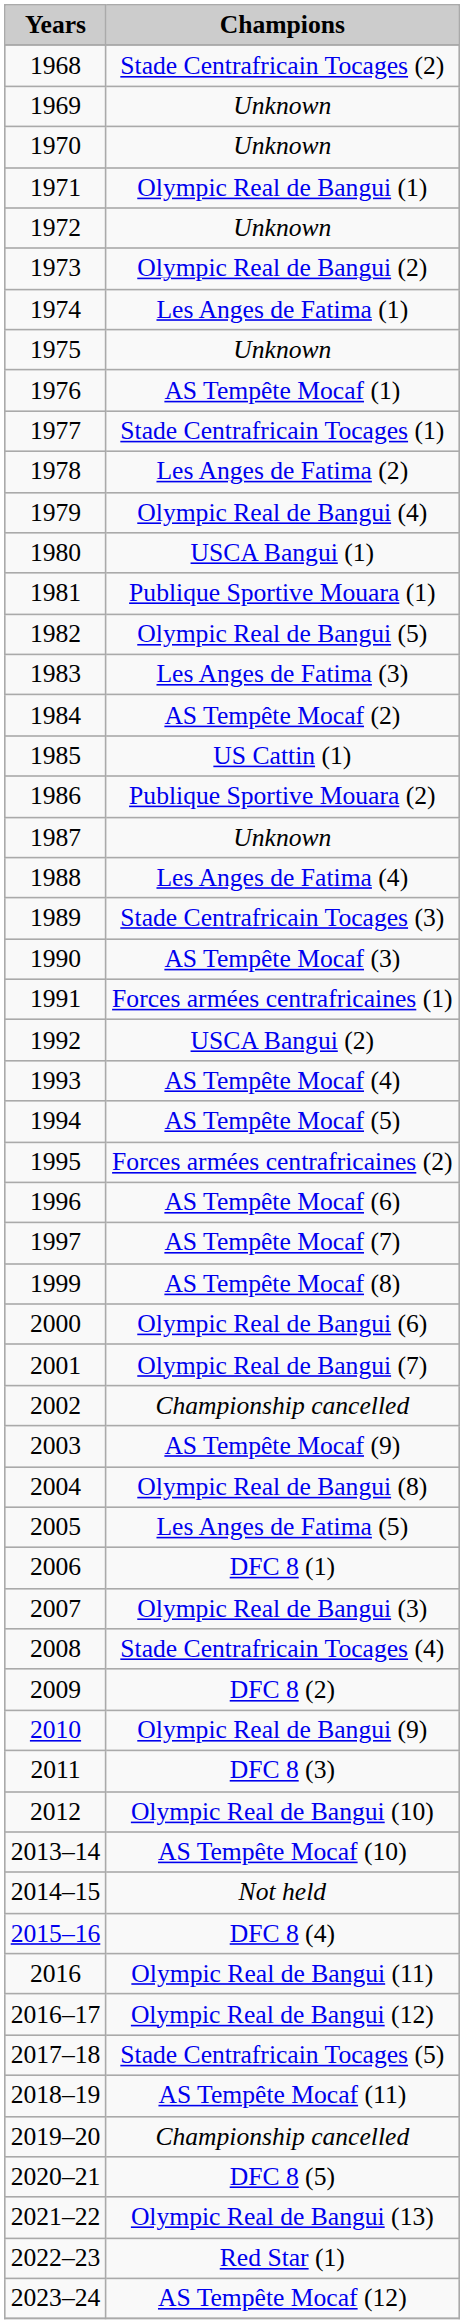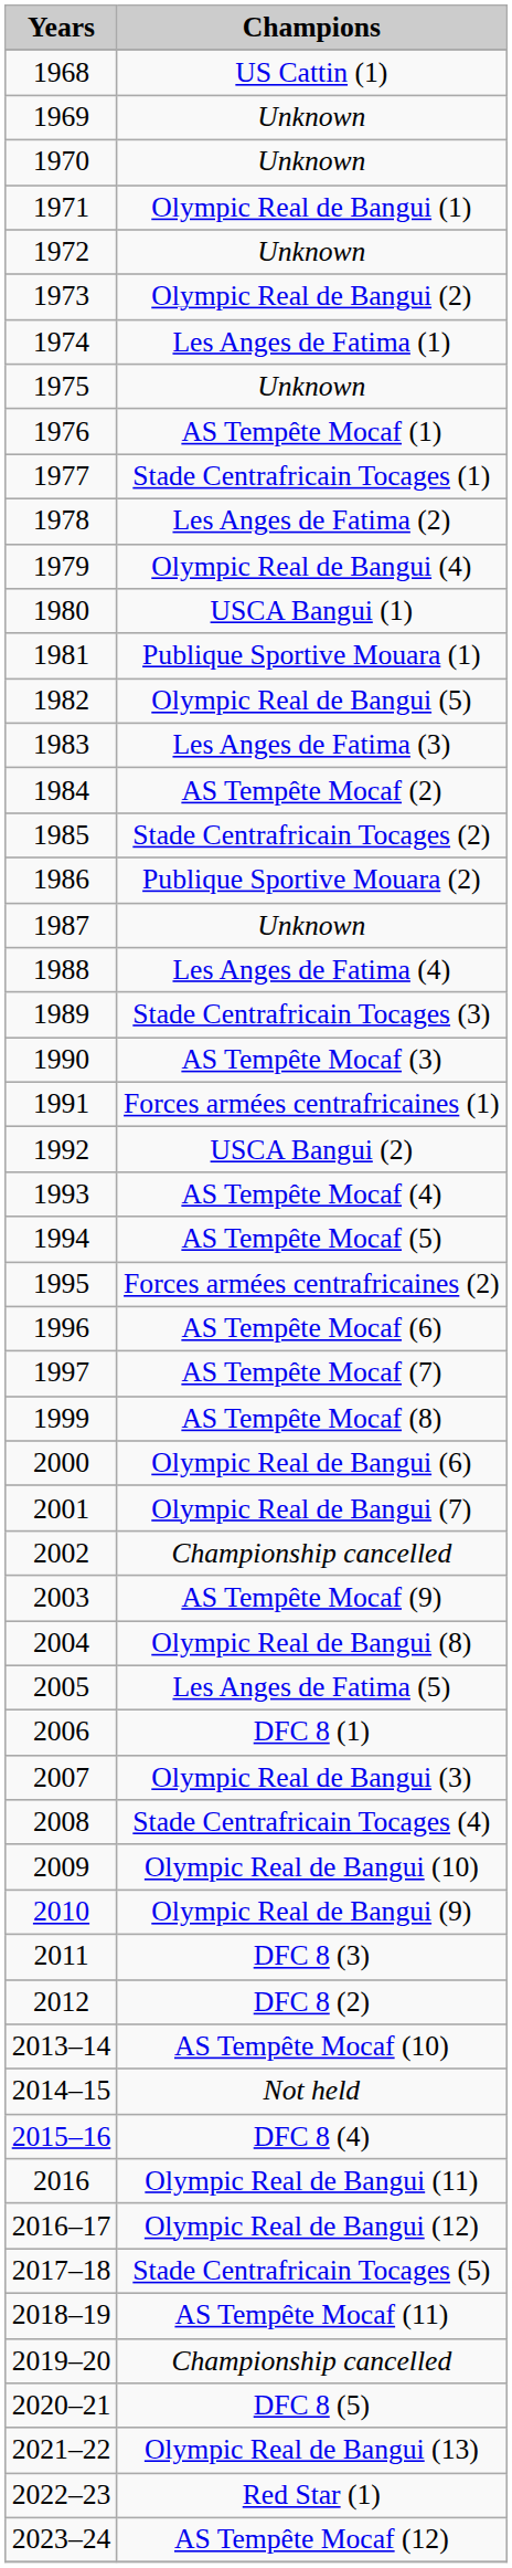 <table class="wikitable" style="text-align: center;">
 <tr bgcolor="#CCCCCC">
 <td><strong>Years</strong></td>
 <td><strong>Champions</strong></td>
 </tr>
 <tr bgcolor="#EFEFEF">
 </tr>
 <tr>
 <td>1968</td>
-<td><a href='#'>Stade Centrafricain Tocages</a> (2)</td>
+<td><a href='#'>US Cattin</a> (1)</td>
 </tr>
 <tr>
 <td>1969</td>
 <td><em>Unknown</em></td>
 </tr>
 <tr>
 <td>1970</td>
 <td><em>Unknown</em></td>
 </tr>
 <tr>
 <td>1971</td>
 <td><a href='#'>Olympic Real de Bangui</a> (1)</td>
 </tr>
 <tr>
 <td>1972</td>
 <td><em>Unknown</em></td>
 </tr>
 <tr>
 <td>1973</td>
 <td><a href='#'>Olympic Real de Bangui</a> (2)</td>
 </tr>
 <tr>
 <td>1974</td>
 <td><a href='#'>Les Anges de Fatima</a> (1)</td>
 </tr>
 <tr>
 <td>1975</td>
 <td><em>Unknown</em></td>
 </tr>
 <tr>
 <td>1976</td>
 <td><a href='#'>AS Tempête Mocaf</a> (1)</td>
 </tr>
 <tr>
 <td>1977</td>
 <td><a href='#'>Stade Centrafricain Tocages</a> (1)</td>
 </tr>
 <tr>
 <td>1978</td>
 <td><a href='#'>Les Anges de Fatima</a> (2)</td>
 </tr>
 <tr>
 <td>1979</td>
 <td><a href='#'>Olympic Real de Bangui</a> (4)</td>
 </tr>
 <tr>
 <td>1980</td>
 <td><a href='#'>USCA Bangui</a> (1)</td>
 </tr>
 <tr>
 <td>1981</td>
 <td><a href='#'>Publique Sportive Mouara</a> (1)</td>
 </tr>
 <tr>
 <td>1982</td>
 <td><a href='#'>Olympic Real de Bangui</a> (5)</td>
 </tr>
 <tr>
 <td>1983</td>
 <td><a href='#'>Les Anges de Fatima</a> (3)</td>
 </tr>
 <tr>
 <td>1984</td>
 <td><a href='#'>AS Tempête Mocaf</a> (2)</td>
 </tr>
 <tr>
 <td>1985</td>
-<td><a href='#'>US Cattin</a> (1)</td>
+<td><a href='#'>Stade Centrafricain Tocages</a> (2)</td>
 </tr>
 <tr>
 <td>1986</td>
 <td><a href='#'>Publique Sportive Mouara</a> (2)</td>
 </tr>
 <tr>
 <td>1987</td>
 <td><em>Unknown</em></td>
 </tr>
 <tr>
 <td>1988</td>
 <td><a href='#'>Les Anges de Fatima</a> (4)</td>
 </tr>
 <tr>
 <td>1989</td>
 <td><a href='#'>Stade Centrafricain Tocages</a> (3)</td>
 </tr>
 <tr>
 <td>1990</td>
 <td><a href='#'>AS Tempête Mocaf</a> (3)</td>
 </tr>
 <tr>
 <td>1991</td>
 <td><a href='#'>Forces armées centrafricaines</a> (1)</td>
 </tr>
 <tr>
 <td>1992</td>
 <td><a href='#'>USCA Bangui</a> (2)</td>
 </tr>
 <tr>
 <td>1993</td>
 <td><a href='#'>AS Tempête Mocaf</a> (4)</td>
 </tr>
 <tr>
 <td>1994</td>
 <td><a href='#'>AS Tempête Mocaf</a> (5)</td>
 </tr>
 <tr>
 <td>1995</td>
 <td><a href='#'>Forces armées centrafricaines</a> (2)</td>
 </tr>
 <tr>
 <td>1996</td>
 <td><a href='#'>AS Tempête Mocaf</a> (6)</td>
 </tr>
 <tr>
 <td>1997</td>
 <td><a href='#'>AS Tempête Mocaf</a> (7)</td>
 </tr>
 <tr>
 <td>1999</td>
 <td><a href='#'>AS Tempête Mocaf</a> (8)</td>
 </tr>
 <tr>
 <td>2000</td>
 <td><a href='#'>Olympic Real de Bangui</a> (6)</td>
 </tr>
 <tr>
 <td>2001</td>
 <td><a href='#'>Olympic Real de Bangui</a> (7)</td>
 </tr>
 <tr>
 <td>2002</td>
 <td><em>Championship cancelled</em></td>
 </tr>
 <tr>
 <td>2003</td>
 <td><a href='#'>AS Tempête Mocaf</a> (9)</td>
 </tr>
 <tr>
 <td>2004</td>
 <td><a href='#'>Olympic Real de Bangui</a> (8)</td>
 </tr>
 <tr>
 <td>2005</td>
 <td><a href='#'>Les Anges de Fatima</a> (5)</td>
 </tr>
 <tr>
 <td>2006</td>
 <td><a href='#'>DFC 8</a> (1)</td>
 </tr>
 <tr>
 <td>2007</td>
 <td><a href='#'>Olympic Real de Bangui</a> (3)</td>
 </tr>
 <tr>
 <td>2008</td>
 <td><a href='#'>Stade Centrafricain Tocages</a> (4)</td>
 </tr>
 <tr>
 <td>2009</td>
-<td><a href='#'>DFC 8</a> (2)</td>
+<td><a href='#'>Olympic Real de Bangui</a> (10)</td>
 </tr>
 <tr>
 <td><a href='#'>2010</a></td>
 <td><a href='#'>Olympic Real de Bangui</a> (9)</td>
 </tr>
 <tr>
 <td>2011</td>
 <td><a href='#'>DFC 8</a> (3)</td>
 </tr>
 <tr>
 <td>2012</td>
-<td><a href='#'>Olympic Real de Bangui</a> (10)</td>
+<td><a href='#'>DFC 8</a> (2)</td>
 </tr>
 <tr>
 <td>2013–14</td>
 <td><a href='#'>AS Tempête Mocaf</a> (10)</td>
 </tr>
 <tr>
 <td>2014–15</td>
 <td><em>Not held</em></td>
 </tr>
 <tr>
 <td><a href='#'>2015–16</a></td>
 <td><a href='#'>DFC 8</a> (4)</td>
 </tr>
 <tr>
 <td>2016</td>
 <td><a href='#'>Olympic Real de Bangui</a> (11)</td>
 </tr>
 <tr>
 <td>2016–17</td>
 <td><a href='#'>Olympic Real de Bangui</a>  (12)</td>
 </tr>
 <tr>
 <td>2017–18</td>
 <td><a href='#'>Stade Centrafricain Tocages</a> (5)</td>
 </tr>
 <tr>
 <td>2018–19</td>
 <td><a href='#'>AS Tempête Mocaf</a> (11)</td>
 </tr>
 <tr>
 <td>2019–20</td>
 <td><em>Championship cancelled</em></td>
 </tr>
 <tr>
 <td>2020–21</td>
 <td><a href='#'>DFC 8</a> (5)</td>
 </tr>
 <tr>
 <td>2021–22</td>
 <td><a href='#'>Olympic Real de Bangui</a> (13)</td>
 </tr>
 <tr>
 <td>2022–23</td>
 <td><a href='#'>Red Star</a> (1)</td>
 </tr>
 <tr>
 <td>2023–24</td>
 <td><a href='#'>AS Tempête Mocaf</a> (12)</td>
 </tr>
 <tr>
 </tr>
 </table>
